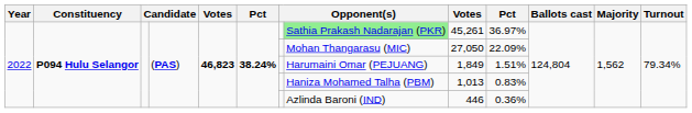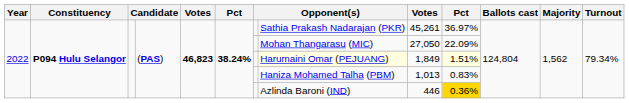 <table class="wikitable" style="margin:0.5em ; font-size:95%">
 <tr>
 <th>Year</th>
 <th>Constituency</th>
 <th colspan=2>Candidate</th>
 <th>Votes</th>
 <th>Pct</th>
 <th colspan=2>Opponent(s)</th>
 <th>Votes</th>
 <th>Pct</th>
 <th>Ballots cast</th>
 <th>Majority</th>
 <th>Turnout</th>
 </tr>
 <tr>
 <td rowspan=5><a href='#'>2022</a></td>
 <td rowspan=5><strong>P094 <a href='#'>Hulu Selangor</a></strong></td>
 <td rowspan=5 bgcolor=></td>
 <td rowspan=5> (<a href='#'><strong>PAS</strong></a>)</td>
 <td rowspan=5 align=right><strong>46,823</strong></td>
 <td rowspan=5><strong>38.24%</strong></td>
 <td></td>
-<td style="background: lightgreen;"><a href='#'>Sathia Prakash Nadarajan</a> (<a href='#'>PKR</a>)</td>
+<td><a href='#'>Sathia Prakash Nadarajan</a> (<a href='#'>PKR</a>)</td>
 <td align=right>45,261</td>
 <td>36.97%</td>
 <td rowspan=5>124,804</td>
 <td rowspan=5>1,562</td>
 <td rowspan=5>79.34%</td>
 </tr>
 <tr>
 <td></td>
 <td><a href='#'>Mohan Thangarasu</a> (<a href='#'>MIC</a>)</td>
 <td align=right>27,050</td>
 <td>22.09%</td>
 </tr>
 <tr>
 <td bgcolor=></td>
-<td><a href='#'>Harumaini Omar</a> (<a href='#'>PEJUANG</a>)</td>
+<td style="background: lightyellow;"><a href='#'>Harumaini Omar</a> (<a href='#'>PEJUANG</a>)</td>
 <td align=right>1,849</td>
-<td align=right>1.51%</td>
+<td align=right style="background: lightyellow;">1.51%</td>
 </tr>
 <tr>
 <td bgcolor=></td>
 <td><a href='#'>Haniza Mohamed Talha</a> (<a href='#'>PBM</a>)</td>
 <td align=right>1,013</td>
 <td align=right>0.83%</td>
 </tr>
 <tr>
 <td></td>
 <td>Azlinda Baroni (<a href='#'>IND</a>)</td>
 <td align=right>446</td>
-<td align=right>0.36%</td>
+<td align=right style="background: gold;">0.36%</td>
 </tr>
 </table>
